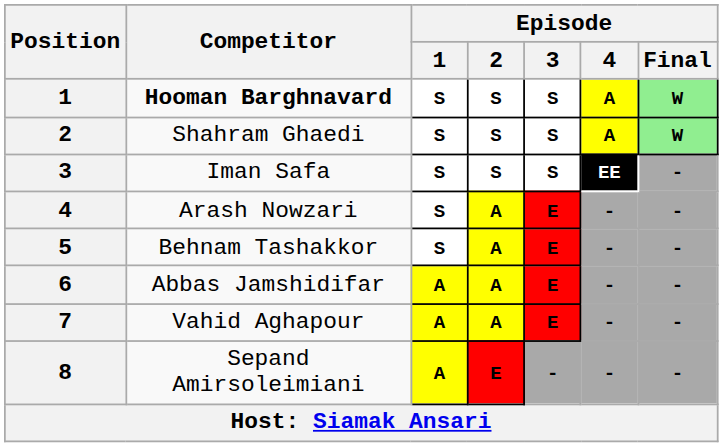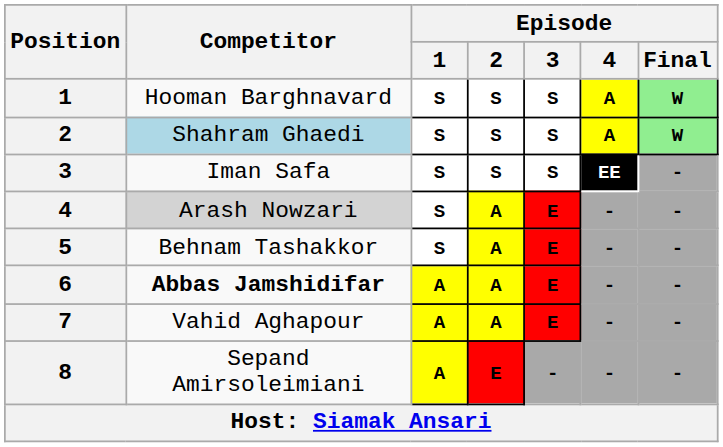 <table class="wikitable sortable" style="text-align:center; witdh=19em">
 <tr>
 <th rowspan=2 style="width: 2em;">Position</th>
 <th rowspan=2 style="width: 12em;">Competitor</th>
 <th colspan="5">Episode</th>
 </tr>
 <tr>
 <th style="width: 2em;">1</th>
 <th style="width: 2em;">2</th>
 <th style="width: 2em;">3</th>
 <th style="width: 2em;">4</th>
 <th style="width: 2em;">Final</th>
 </tr>
 <tr>
 <th>1</th>
-<td><strong>Hooman Barghnavard</strong></td>
+<td>Hooman Barghnavard</td>
 <td style="background-color:white; color:black; border:1px solid;"><small><strong>S</strong></small></td>
 <td style="background-color:white; color:black; border:1px solid;"><small><strong>S</strong></small></td>
 <td style="background-color:white; color:black; border:1px solid;"><small><strong>S</strong></small></td>
 <td style="background-color:yellow; color:black; border:1px solid;"><small><strong>A</strong></small></td>
 <td style="background-color:lightgreen; color:black; border:1px solid;"><small><strong>W</strong></small></td>
 </tr>
 <tr>
 <th>2</th>
-<td>Shahram Ghaedi</td>
+<td style="background: lightblue;">Shahram Ghaedi</td>
 <td style="background-color:white; color:black; border:1px solid;"><small><strong>S</strong></small></td>
 <td style="background-color:white; color:black; border:1px solid;"><small><strong>S</strong></small></td>
 <td style="background-color:white; color:black; border:1px solid;"><small><strong>S</strong></small></td>
 <td style="background-color:yellow; color:black; border:1px solid;"><small><strong>A</strong></small></td>
 <td style="background-color:lightgreen; color:black; border:1px solid;"><small><strong>W</strong></small></td>
 </tr>
 <tr>
 <th>3</th>
 <td>Iman Safa</td>
 <td style="background-color:white; color:black; border:1px solid;"><small><strong>S</strong></small></td>
 <td style="background-color:white; color:black; border:1px solid;"><small><strong>S</strong></small></td>
 <td style="background-color:white; color:black; border:1px solid;"><small><strong>S</strong></small></td>
 <td style="background-color:black; color:white; border:1px solid;"><small><strong>EE</strong></small></td>
 <td bgcolor="darkgray"><small><strong>-</strong></small></td>
 </tr>
 <tr>
 <th>4</th>
-<td>Arash Nowzari</td>
+<td style="background: lightgrey;">Arash Nowzari</td>
 <td style="background-color:white; color:black; border:1px solid;"><small><strong>S</strong></small></td>
 <td style="background-color:yellow; color:black; border:1px solid;"><small><strong>A</strong></small></td>
 <td style="background-color:red; color:black; border:1px solid;"><small><strong>E</strong></small></td>
 <td bgcolor="darkgray"><small><strong>-</strong></small></td>
 <td bgcolor="darkgray"><small><strong>-</strong></small></td>
 </tr>
 <tr>
 <th>5</th>
 <td>Behnam Tashakkor</td>
 <td style="background-color:white; color:black; border:1px solid;"><small><strong>S</strong></small></td>
 <td style="background-color:yellow; color:black; border:1px solid;"><small><strong>A</strong></small></td>
 <td style="background-color:red; color:black; border:1px solid;"><small><strong>E</strong></small></td>
 <td bgcolor="darkgray"><small><strong>-</strong></small></td>
 <td bgcolor="darkgray"><small><strong>-</strong></small></td>
 </tr>
 <tr>
 <th>6</th>
-<td>Abbas Jamshidifar</td>
+<td><strong>Abbas Jamshidifar</strong></td>
 <td style="background-color:yellow; color:black; border:1px solid;"><small><strong>A</strong></small></td>
 <td style="background-color:yellow; color:black; border:1px solid;"><small><strong>A</strong></small></td>
 <td style="background-color:red; color:black; border:1px solid;"><small><strong>E</strong></small></td>
 <td bgcolor="darkgray"><small><strong>-</strong></small></td>
 <td bgcolor="darkgray"><small><strong>-</strong></small></td>
 </tr>
 <tr>
 <th>7</th>
 <td>Vahid Aghapour</td>
 <td style="background-color:yellow; color:black; border:1px solid;"><small><strong>A</strong></small></td>
 <td style="background-color:yellow; color:black; border:1px solid;"><small><strong>A</strong></small></td>
 <td style="background-color:red; color:black; border:1px solid;"><small><strong>E</strong></small></td>
 <td bgcolor="darkgray"><small><strong>-</strong></small></td>
 <td bgcolor="darkgray"><small><strong>-</strong></small></td>
 </tr>
 <tr>
 <th>8</th>
 <td>Sepand Amirsoleimiani</td>
 <td style="background-color:yellow; color:black; border:1px solid;"><small><strong>A</strong></small></td>
 <td style="background-color:red; color:black; border:1px solid;"><small><strong>E</strong></small></td>
 <td bgcolor="darkgray"><small><strong>-</strong></small></td>
 <td bgcolor="darkgray"><small><strong>-</strong></small></td>
 <td bgcolor="darkgray"><small><strong>-</strong></small></td>
 </tr>
 <tr>
 <th colspan="7">Host: <a href='#'>Siamak Ansari</a></th>
 </tr>
 </table>
